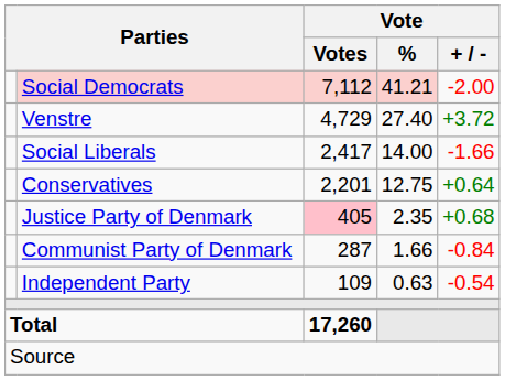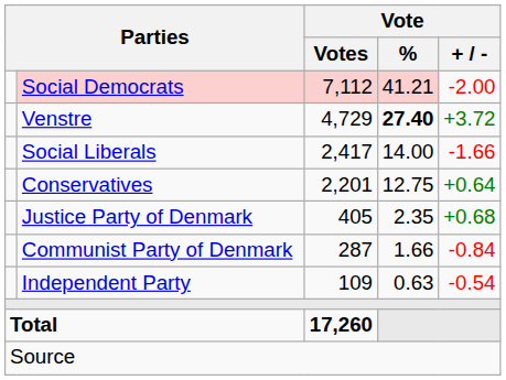 <table class="wikitable" style="text-align:right;">
 <tr>
 <th style="text-align:centre;" rowspan="2" colspan="2" width="225">Parties</th>
 <th colspan="3">Vote</th>
 </tr>
 <tr>
 <th width="15">Votes</th>
 <th width="15">%</th>
 <th width="15">+ / -</th>
 </tr>
 <tr>
 <td width="2" style="color:inherit;background:"></td>
 <td bgcolor=#fbd0ce  align="left"><a href='#'>Social Democrats</a></td>
 <td bgcolor=#fbd0ce>7,112</td>
 <td bgcolor=#fbd0ce>41.21</td>
 <td style=color:red;>-2.00</td>
 </tr>
 <tr>
 <td width="2" style="color:inherit;background:"></td>
 <td align="left"><a href='#'>Venstre</a></td>
 <td>4,729</td>
-<td>27.40</td>
+<td><strong>27.40</strong></td>
 <td style=color:green;>+3.72</td>
 </tr>
 <tr>
 <td width="2" style="color:inherit;background:"></td>
 <td align="left"><a href='#'>Social Liberals</a></td>
 <td>2,417</td>
 <td>14.00</td>
 <td style=color:red;>-1.66</td>
 </tr>
 <tr>
 <td width="2" style="color:inherit;background:"></td>
 <td align="left"><a href='#'>Conservatives</a></td>
 <td>2,201</td>
 <td>12.75</td>
 <td style=color:green;>+0.64</td>
 </tr>
 <tr>
 <td width="2" style="color:inherit;background:"></td>
 <td align="left"><a href='#'>Justice Party of Denmark</a></td>
-<td style="background: pink;">405</td>
+<td>405</td>
 <td>2.35</td>
 <td style=color:green;>+0.68</td>
 </tr>
 <tr>
 <td width="2" style="color:inherit;background:"></td>
 <td align="left"><a href='#'>Communist Party of Denmark</a></td>
 <td>287</td>
 <td>1.66</td>
 <td style=color:red;>-0.84</td>
 </tr>
 <tr>
 <td width="2" style="color:inherit;background:"></td>
 <td align="left"><a href='#'>Independent Party</a></td>
 <td>109</td>
 <td>0.63</td>
 <td style=color:red;>-0.54</td>
 </tr>
 <tr>
 <td colspan="7" bgcolor="#E9E9E9"></td>
 </tr>
 <tr>
 <td align="left" colspan="2"><strong>Total</strong></td>
 <td><strong>17,260</strong></td>
 <td bgcolor="#E9E9E9" colspan="2"></td>
 </tr>
 <tr>
 <td align="left" colspan="6">Source</td>
 </tr>
 </table>
